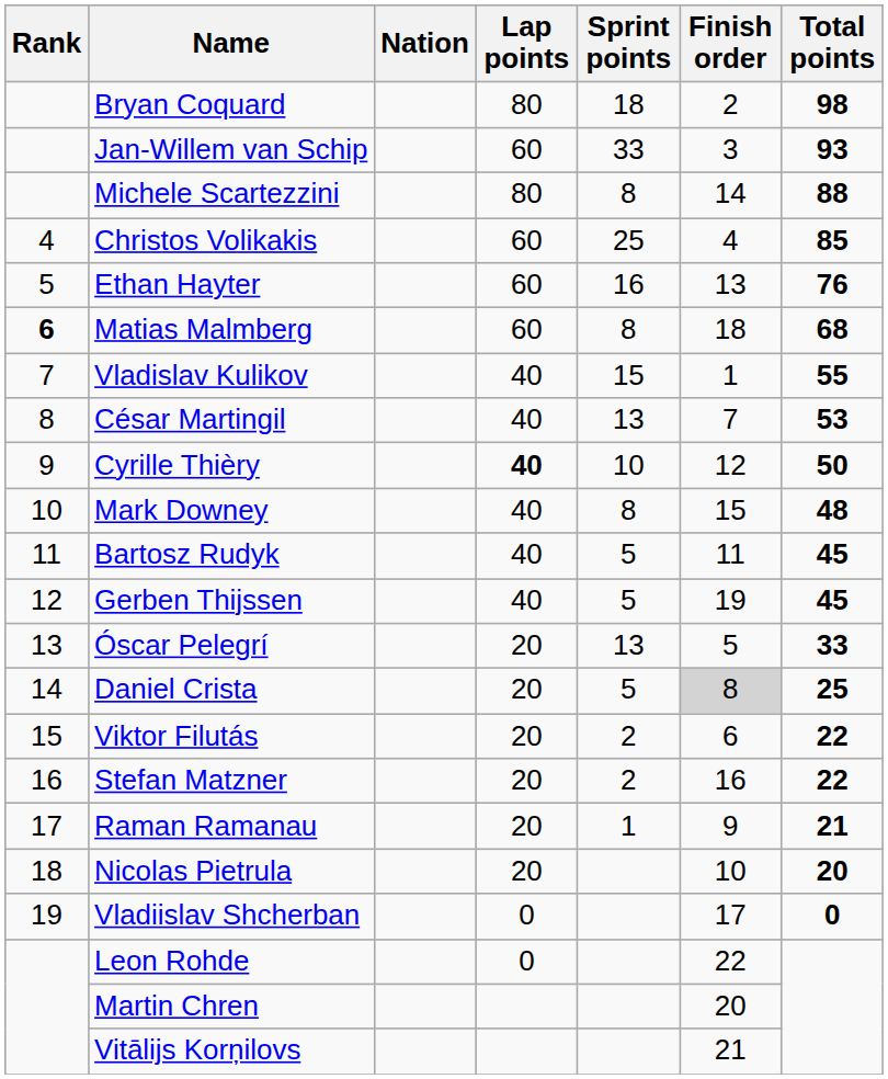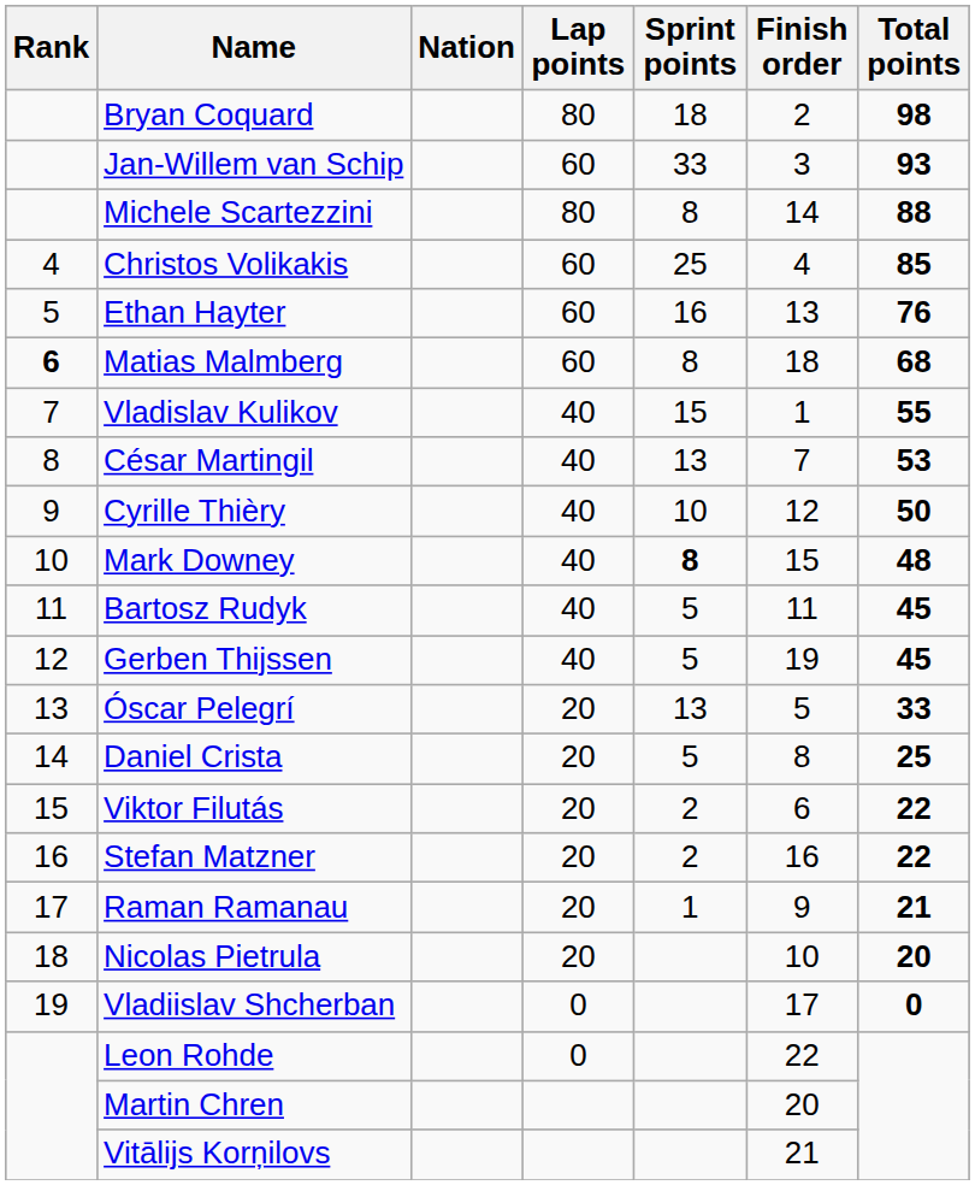 <table class="wikitable sortable" style="text-align:center">
 <tr>
 <th>Rank</th>
 <th>Name</th>
 <th>Nation</th>
 <th width=50>Lap points</th>
 <th width=50>Sprint points</th>
 <th width=50>Finish order</th>
 <th width=50>Total points</th>
 </tr>
 <tr>
 <td></td>
 <td align=left><a href='#'>Bryan Coquard</a></td>
 <td align=left></td>
 <td>80</td>
 <td>18</td>
 <td>2</td>
 <td><strong>98</strong></td>
 </tr>
 <tr>
 <td></td>
 <td align=left><a href='#'>Jan-Willem van Schip</a></td>
 <td align=left></td>
 <td>60</td>
 <td>33</td>
 <td>3</td>
 <td><strong>93</strong></td>
 </tr>
 <tr>
 <td></td>
 <td align=left><a href='#'>Michele Scartezzini</a></td>
 <td align=left></td>
 <td>80</td>
 <td>8</td>
 <td>14</td>
 <td><strong>88</strong></td>
 </tr>
 <tr>
 <td>4</td>
 <td align=left><a href='#'>Christos Volikakis</a></td>
 <td align=left></td>
 <td>60</td>
 <td>25</td>
 <td>4</td>
 <td><strong>85</strong></td>
 </tr>
 <tr>
 <td>5</td>
 <td align=left><a href='#'>Ethan Hayter</a></td>
 <td align=left></td>
 <td>60</td>
 <td>16</td>
 <td>13</td>
 <td><strong>76</strong></td>
 </tr>
 <tr>
 <td><strong>6</strong></td>
 <td align=left><a href='#'>Matias Malmberg</a></td>
 <td align=left></td>
 <td>60</td>
 <td>8</td>
 <td>18</td>
 <td><strong>68</strong></td>
 </tr>
 <tr>
 <td>7</td>
 <td align=left><a href='#'>Vladislav Kulikov</a></td>
 <td align=left></td>
 <td>40</td>
 <td>15</td>
 <td>1</td>
 <td><strong>55</strong></td>
 </tr>
 <tr>
 <td>8</td>
 <td align=left><a href='#'>César Martingil</a></td>
 <td align=left></td>
 <td>40</td>
 <td>13</td>
 <td>7</td>
 <td><strong>53</strong></td>
 </tr>
 <tr>
 <td>9</td>
 <td align=left><a href='#'>Cyrille Thièry</a></td>
 <td align=left></td>
-<td><strong>40</strong></td>
+<td>40</td>
 <td>10</td>
 <td>12</td>
 <td><strong>50</strong></td>
 </tr>
 <tr>
 <td>10</td>
 <td align=left><a href='#'>Mark Downey</a></td>
 <td align=left></td>
 <td>40</td>
-<td>8</td>
+<td><strong>8</strong></td>
 <td>15</td>
 <td><strong>48</strong></td>
 </tr>
 <tr>
 <td>11</td>
 <td align=left><a href='#'>Bartosz Rudyk</a></td>
 <td align=left></td>
 <td>40</td>
 <td>5</td>
 <td>11</td>
 <td><strong>45</strong></td>
 </tr>
 <tr>
 <td>12</td>
 <td align=left><a href='#'>Gerben Thijssen</a></td>
 <td align=left></td>
 <td>40</td>
 <td>5</td>
 <td>19</td>
 <td><strong>45</strong></td>
 </tr>
 <tr>
 <td>13</td>
 <td align=left><a href='#'>Óscar Pelegrí</a></td>
 <td align=left></td>
 <td>20</td>
 <td>13</td>
 <td>5</td>
 <td><strong>33</strong></td>
 </tr>
 <tr>
 <td>14</td>
 <td align=left><a href='#'>Daniel Crista</a></td>
 <td align=left></td>
 <td>20</td>
 <td>5</td>
-<td style="background: lightgrey;">8</td>
+<td>8</td>
 <td><strong>25</strong></td>
 </tr>
 <tr>
 <td>15</td>
 <td align=left><a href='#'>Viktor Filutás</a></td>
 <td align=left></td>
 <td>20</td>
 <td>2</td>
 <td>6</td>
 <td><strong>22</strong></td>
 </tr>
 <tr>
 <td>16</td>
 <td align=left><a href='#'>Stefan Matzner</a></td>
 <td align=left></td>
 <td>20</td>
 <td>2</td>
 <td>16</td>
 <td><strong>22</strong></td>
 </tr>
 <tr>
 <td>17</td>
 <td align=left><a href='#'>Raman Ramanau</a></td>
 <td align=left></td>
 <td>20</td>
 <td>1</td>
 <td>9</td>
 <td><strong>21</strong></td>
 </tr>
 <tr>
 <td>18</td>
 <td align=left><a href='#'>Nicolas Pietrula</a></td>
 <td align=left></td>
 <td>20</td>
 <td></td>
 <td>10</td>
 <td><strong>20</strong></td>
 </tr>
 <tr>
 <td>19</td>
 <td align=left><a href='#'>Vladiislav Shcherban</a></td>
 <td align=left></td>
 <td>0</td>
 <td></td>
 <td>17</td>
 <td><strong>0</strong></td>
 </tr>
 <tr>
 <td rowspan=3></td>
 <td align=left><a href='#'>Leon Rohde</a></td>
 <td align=left></td>
 <td>0</td>
 <td></td>
 <td>22</td>
 <td rowspan=3><strong></strong></td>
 </tr>
 <tr>
 <td align=left><a href='#'>Martin Chren</a></td>
 <td align=left></td>
 <td></td>
 <td></td>
 <td>20</td>
 </tr>
 <tr>
 <td align=left><a href='#'>Vitālijs Korņilovs</a></td>
 <td align=left></td>
 <td></td>
 <td></td>
 <td>21</td>
 </tr>
 </table>
